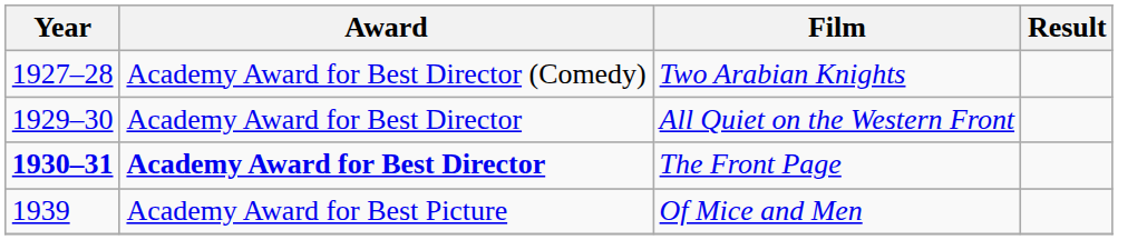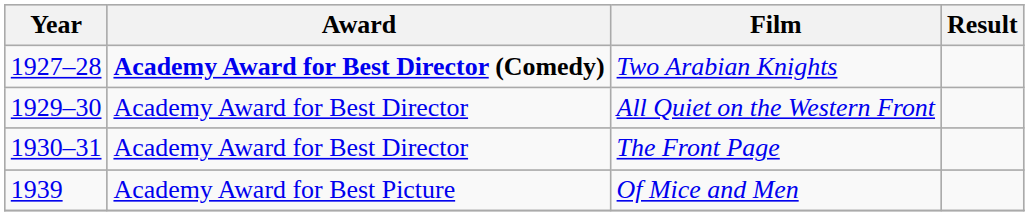 <table class="wikitable">
 <tr>
 <th>Year</th>
 <th>Award</th>
 <th>Film</th>
 <th>Result</th>
 </tr>
 <tr>
 <td><a href='#'>1927–28</a></td>
-<td><a href='#'>Academy Award for Best Director</a> (Comedy)</td>
+<td><strong><a href='#'>Academy Award for Best Director</a> (Comedy)</strong></td>
 <td><em><a href='#'>Two Arabian Knights</a></em></td>
 <td></td>
 </tr>
 <tr>
 <td><a href='#'>1929–30</a></td>
 <td><a href='#'>Academy Award for Best Director</a></td>
 <td><em><a href='#'>All Quiet on the Western Front</a></em></td>
 <td></td>
 </tr>
 <tr>
-<td><strong><a href='#'>1930–31</a></strong></td>
-<td><strong><a href='#'>Academy Award for Best Director</a></strong></td>
+<td><a href='#'>1930–31</a></td>
+<td><a href='#'>Academy Award for Best Director</a></td>
 <td><em><a href='#'>The Front Page</a></em></td>
 <td></td>
 </tr>
 <tr>
 <td><a href='#'>1939</a></td>
 <td><a href='#'>Academy Award for Best Picture</a></td>
 <td><em><a href='#'>Of Mice and Men</a></em></td>
 <td></td>
 </tr>
 <tr>
 </tr>
 </table>
